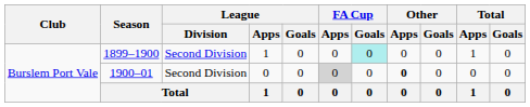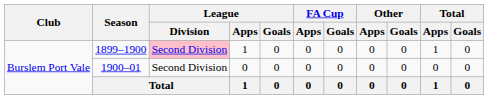 <table class="wikitable" style="text-align:center">
 <tr>
 <th rowspan="2">Club</th>
 <th rowspan="2">Season</th>
 <th colspan="3">League</th>
 <th colspan="2"><a href='#'>FA Cup</a></th>
 <th colspan="2">Other</th>
 <th colspan="2">Total</th>
 </tr>
 <tr>
 <th>Division</th>
 <th>Apps</th>
 <th>Goals</th>
 <th>Apps</th>
 <th>Goals</th>
 <th>Apps</th>
 <th>Goals</th>
 <th>Apps</th>
 <th>Goals</th>
 </tr>
 <tr>
 <td rowspan="3"><a href='#'>Burslem Port Vale</a></td>
 <td><a href='#'>1899–1900</a></td>
-<td><a href='#'>Second Division</a></td>
+<td style="background: pink;"><a href='#'>Second Division</a></td>
 <td>1</td>
 <td>0</td>
 <td>0</td>
-<td style="background: paleturquoise;">0</td>
+<td>0</td>
 <td>0</td>
 <td>0</td>
 <td>1</td>
 <td>0</td>
 </tr>
 <tr>
 <td><a href='#'>1900–01</a></td>
 <td>Second Division</td>
 <td>0</td>
 <td>0</td>
-<td style="background: lightgrey;">0</td>
 <td>0</td>
-<td><strong>0</strong></td>
+<td>0</td>
+<td>0</td>
 <td>0</td>
 <td>0</td>
 <td>0</td>
 </tr>
 <tr>
 <th colspan="2">Total</th>
 <th>1</th>
 <th>0</th>
 <th>0</th>
 <th>0</th>
 <th>0</th>
 <th>0</th>
 <th>1</th>
 <th>0</th>
 </tr>
 </table>
